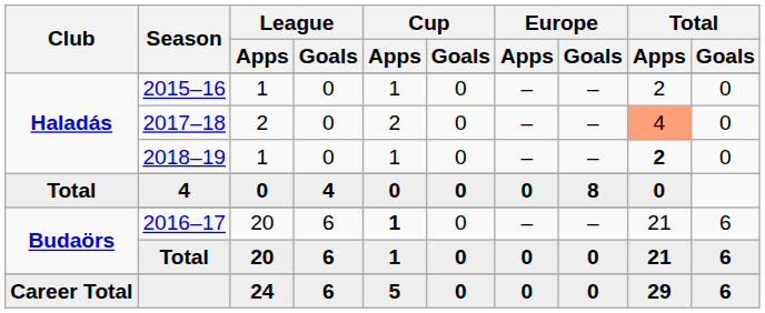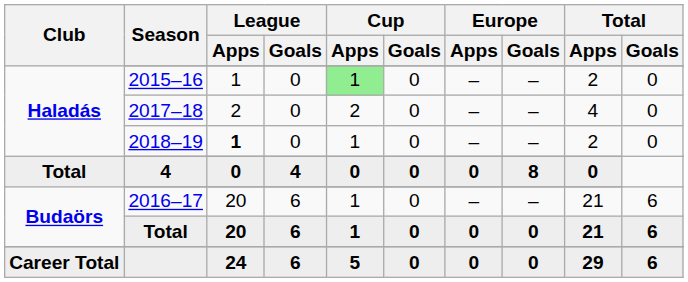 <table class="wikitable" style="font-size:90%; text-align: center;">
 <tr>
 <th rowspan="2">Club</th>
 <th rowspan="2">Season</th>
 <th colspan="2">League</th>
 <th colspan="2">Cup</th>
 <th colspan="2">Europe</th>
 <th colspan="2">Total</th>
 </tr>
 <tr>
 <th>Apps</th>
 <th>Goals</th>
 <th>Apps</th>
 <th>Goals</th>
 <th>Apps</th>
 <th>Goals</th>
 <th>Apps</th>
 <th>Goals</th>
 </tr>
 <tr ||-||-||-|->
 <td rowspan="5" valign="center"><strong><a href='#'>Haladás</a></strong></td>
 </tr>
 <tr>
 <td><a href='#'>2015–16</a></td>
 <td>1</td>
 <td>0</td>
-<td>1</td>
+<td style="background: lightgreen;">1</td>
 <td>0</td>
 <td>–</td>
 <td>–</td>
 <td>2</td>
 <td>0</td>
 </tr>
 <tr>
 <td><a href='#'>2017–18</a></td>
 <td>2</td>
 <td>0</td>
 <td>2</td>
 <td>0</td>
 <td>–</td>
 <td>–</td>
-<td style="background: lightsalmon;">4</td>
+<td>4</td>
 <td>0</td>
 </tr>
 <tr>
 <td><a href='#'>2018–19</a></td>
-<td>1</td>
+<td><strong>1</strong></td>
 <td>0</td>
 <td>1</td>
 <td>0</td>
 <td>–</td>
 <td>–</td>
-<td><strong>2</strong></td>
+<td>2</td>
 <td>0</td>
 </tr>
 <tr>
 </tr>
 <tr style="font-weight:bold; background-color:#eeeeee;">
 <td>Total</td>
 <td>4</td>
 <td>0</td>
 <td>4</td>
 <td>0</td>
 <td>0</td>
 <td>0</td>
 <td>8</td>
 <td>0</td>
 </tr>
 <tr>
 <td rowspan="3" valign="center"><strong><a href='#'>Budaörs</a></strong></td>
 </tr>
 <tr>
 <td><a href='#'>2016–17</a></td>
 <td>20</td>
 <td>6</td>
-<td><strong>1</strong></td>
+<td>1</td>
 <td>0</td>
 <td>–</td>
 <td>–</td>
 <td>21</td>
 <td>6</td>
 </tr>
 <tr style="font-weight:bold; background-color:#eeeeee;">
 <td>Total</td>
 <td>20</td>
 <td>6</td>
 <td>1</td>
 <td>0</td>
 <td>0</td>
 <td>0</td>
 <td>21</td>
 <td>6</td>
 </tr>
 <tr>
 </tr>
 <tr style="font-weight:bold; background-color:#eeeeee;">
 <td rowspan="2" valign="top"><strong>Career Total</strong></td>
 <td></td>
 <td><strong>24</strong></td>
 <td><strong>6</strong></td>
 <td><strong>5</strong></td>
 <td><strong>0</strong></td>
 <td><strong>0</strong></td>
 <td><strong>0</strong></td>
 <td><strong>29</strong></td>
 <td><strong>6</strong></td>
 </tr>
 </table>
